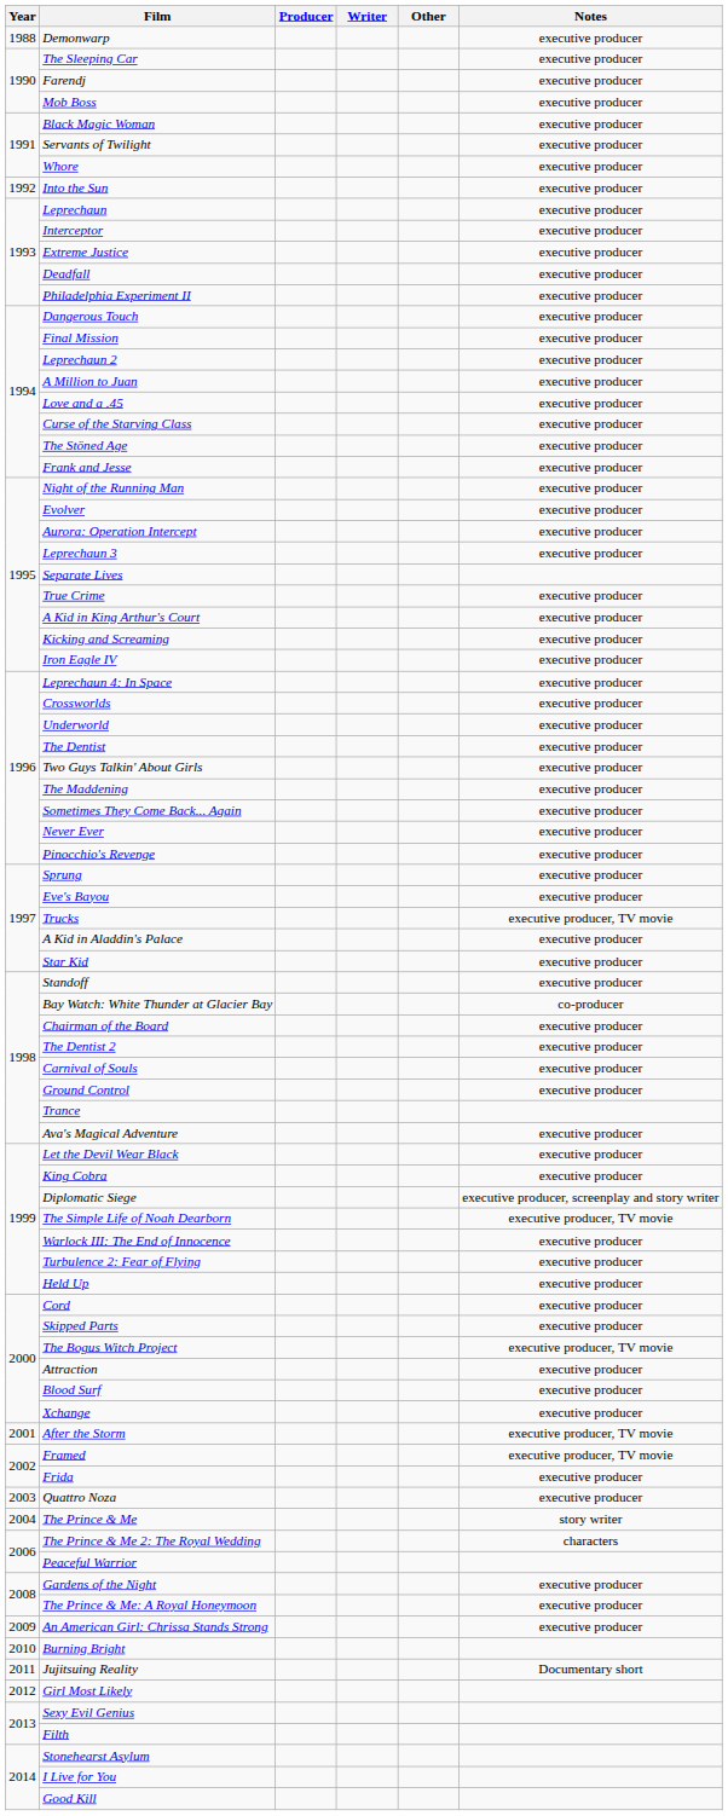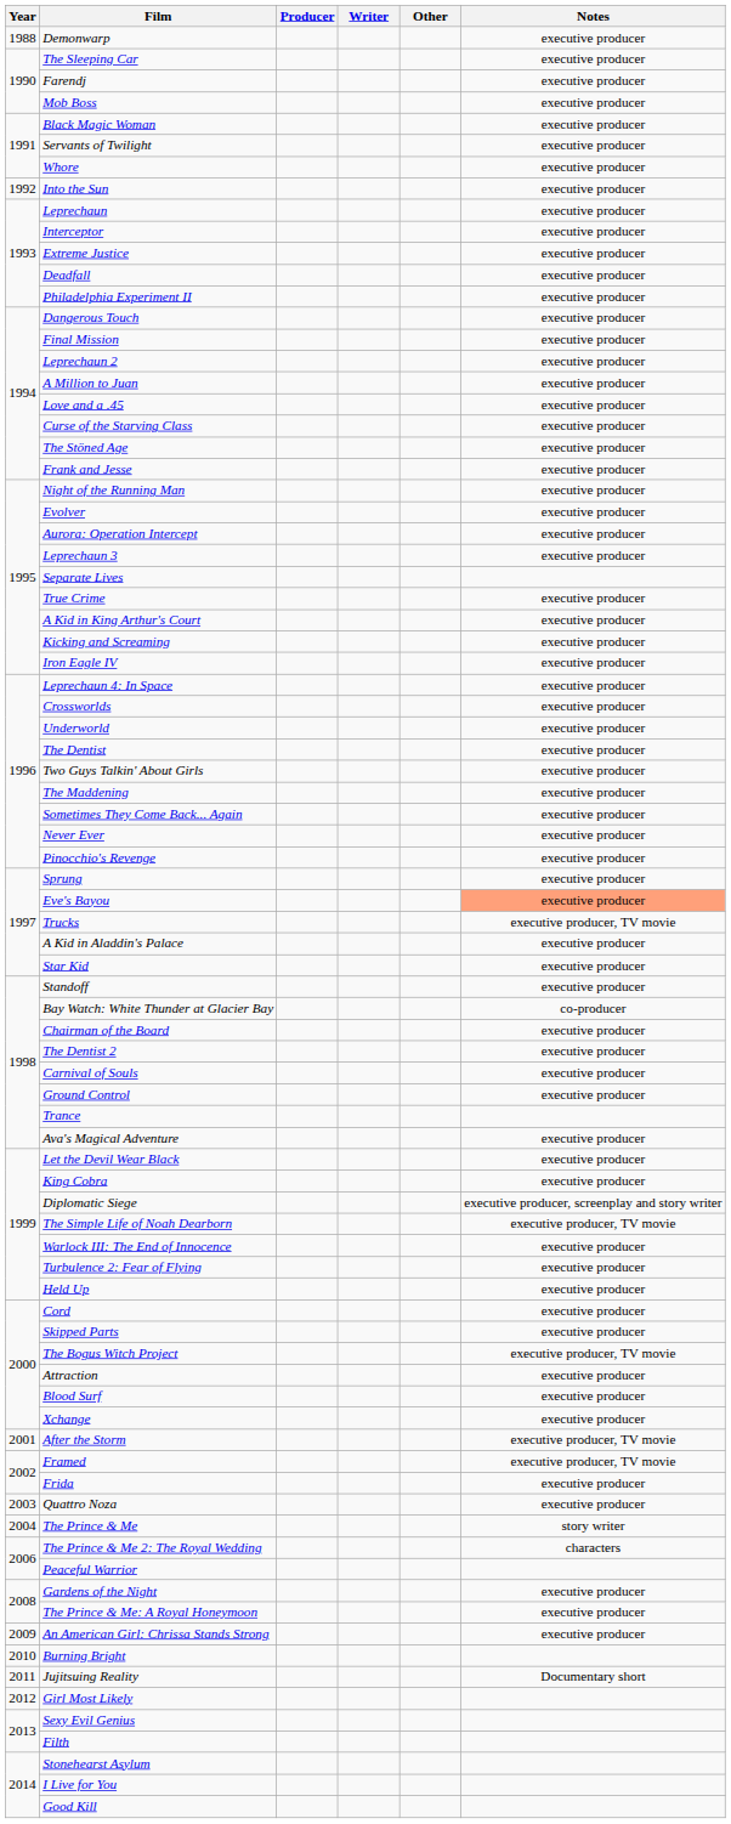 <table class="wikitable sortable" style="text-align:center">
 <tr>
 <th style="width:33px;">Year</th>
 <th>Film</th>
 <th style="width:65px;"><a href='#'>Producer</a></th>
 <th width=65><a href='#'>Writer</a></th>
 <th width=65>Other</th>
 <th>Notes</th>
 </tr>
 <tr>
 <td>1988</td>
 <td style="text-align:left"><em>Demonwarp</em></td>
 <td></td>
 <td></td>
 <td></td>
 <td>executive producer</td>
 </tr>
 <tr>
 <td rowspan="3">1990</td>
 <td style="text-align:left"><em><a href='#'>The Sleeping Car</a></em></td>
 <td></td>
 <td></td>
 <td></td>
 <td>executive producer</td>
 </tr>
 <tr>
 <td style="text-align:left"><em>Farendj</em></td>
 <td></td>
 <td></td>
 <td></td>
 <td>executive producer</td>
 </tr>
 <tr>
 <td style="text-align:left"><em><a href='#'>Mob Boss</a></em></td>
 <td></td>
 <td></td>
 <td></td>
 <td>executive producer</td>
 </tr>
 <tr>
 <td rowspan="3">1991</td>
 <td style="text-align:left"><em><a href='#'>Black Magic Woman</a></em></td>
 <td></td>
 <td></td>
 <td></td>
 <td>executive producer</td>
 </tr>
 <tr>
 <td style="text-align:left"><em>Servants of Twilight</em></td>
 <td></td>
 <td></td>
 <td></td>
 <td>executive producer</td>
 </tr>
 <tr>
 <td style="text-align:left"><em><a href='#'>Whore</a></em></td>
 <td></td>
 <td></td>
 <td></td>
 <td>executive producer</td>
 </tr>
 <tr>
 <td>1992</td>
 <td style="text-align:left"><em><a href='#'>Into the Sun</a></em></td>
 <td></td>
 <td></td>
 <td></td>
 <td>executive producer</td>
 </tr>
 <tr>
 <td rowspan="5">1993</td>
 <td style="text-align:left"><em><a href='#'>Leprechaun</a></em></td>
 <td></td>
 <td></td>
 <td></td>
 <td>executive producer</td>
 </tr>
 <tr>
 <td style="text-align:left"><em><a href='#'>Interceptor</a></em></td>
 <td></td>
 <td></td>
 <td></td>
 <td>executive producer</td>
 </tr>
 <tr>
 <td style="text-align:left"><em><a href='#'>Extreme Justice</a></em></td>
 <td></td>
 <td></td>
 <td></td>
 <td>executive producer</td>
 </tr>
 <tr>
 <td style="text-align:left"><em><a href='#'>Deadfall</a></em></td>
 <td></td>
 <td></td>
 <td></td>
 <td>executive producer</td>
 </tr>
 <tr>
 <td style="text-align:left"><em><a href='#'>Philadelphia Experiment II</a></em></td>
 <td></td>
 <td></td>
 <td></td>
 <td>executive producer</td>
 </tr>
 <tr>
 <td rowspan="8">1994</td>
 <td style="text-align:left"><em><a href='#'>Dangerous Touch</a></em></td>
 <td></td>
 <td></td>
 <td></td>
 <td>executive producer</td>
 </tr>
 <tr>
 <td style="text-align:left"><em><a href='#'>Final Mission</a></em></td>
 <td></td>
 <td></td>
 <td></td>
 <td>executive producer</td>
 </tr>
 <tr>
 <td style="text-align:left"><em><a href='#'>Leprechaun 2</a></em></td>
 <td></td>
 <td></td>
 <td></td>
 <td>executive producer</td>
 </tr>
 <tr>
 <td style="text-align:left"><em><a href='#'>A Million to Juan</a></em></td>
 <td></td>
 <td></td>
 <td></td>
 <td>executive producer</td>
 </tr>
 <tr>
 <td style="text-align:left"><em><a href='#'>Love and a .45</a></em></td>
 <td></td>
 <td></td>
 <td></td>
 <td>executive producer</td>
 </tr>
 <tr>
 <td style="text-align:left"><em><a href='#'>Curse of the Starving Class</a></em></td>
 <td></td>
 <td></td>
 <td></td>
 <td>executive producer</td>
 </tr>
 <tr>
 <td style="text-align:left"><em><a href='#'>The Stöned Age</a></em></td>
 <td></td>
 <td></td>
 <td></td>
 <td>executive producer</td>
 </tr>
 <tr>
 <td style="text-align:left"><em><a href='#'>Frank and Jesse</a></em></td>
 <td></td>
 <td></td>
 <td></td>
 <td>executive producer</td>
 </tr>
 <tr>
 <td rowspan="9">1995</td>
 <td style="text-align:left"><em><a href='#'>Night of the Running Man</a></em></td>
 <td></td>
 <td></td>
 <td></td>
 <td>executive producer</td>
 </tr>
 <tr>
 <td style="text-align:left"><em><a href='#'>Evolver</a></em></td>
 <td></td>
 <td></td>
 <td></td>
 <td>executive producer</td>
 </tr>
 <tr>
 <td style="text-align:left"><em><a href='#'>Aurora: Operation Intercept</a></em></td>
 <td></td>
 <td></td>
 <td></td>
 <td>executive producer</td>
 </tr>
 <tr>
 <td style="text-align:left"><em><a href='#'>Leprechaun 3</a></em></td>
 <td></td>
 <td></td>
 <td></td>
 <td>executive producer</td>
 </tr>
 <tr>
 <td style="text-align:left"><em><a href='#'>Separate Lives</a></em></td>
 <td></td>
 <td></td>
 <td></td>
 <td></td>
 </tr>
 <tr>
 <td style="text-align:left"><em><a href='#'>True Crime</a></em></td>
 <td></td>
 <td></td>
 <td></td>
 <td>executive producer</td>
 </tr>
 <tr>
 <td style="text-align:left"><em><a href='#'>A Kid in King Arthur's Court</a></em></td>
 <td></td>
 <td></td>
 <td></td>
 <td>executive producer</td>
 </tr>
 <tr>
 <td style="text-align:left"><em><a href='#'>Kicking and Screaming</a></em></td>
 <td></td>
 <td></td>
 <td></td>
 <td>executive producer</td>
 </tr>
 <tr>
 <td style="text-align:left"><em><a href='#'>Iron Eagle IV</a></em></td>
 <td></td>
 <td></td>
 <td></td>
 <td>executive producer</td>
 </tr>
 <tr>
 <td rowspan="9">1996</td>
 <td style="text-align:left"><em><a href='#'>Leprechaun 4: In Space</a></em></td>
 <td></td>
 <td></td>
 <td></td>
 <td>executive producer</td>
 </tr>
 <tr>
 <td style="text-align:left"><em><a href='#'>Crossworlds</a></em></td>
 <td></td>
 <td></td>
 <td></td>
 <td>executive producer</td>
 </tr>
 <tr>
 <td style="text-align:left"><em><a href='#'>Underworld</a></em></td>
 <td></td>
 <td></td>
 <td></td>
 <td>executive producer</td>
 </tr>
 <tr>
 <td style="text-align:left"><em><a href='#'>The Dentist</a></em></td>
 <td></td>
 <td></td>
 <td></td>
 <td>executive producer</td>
 </tr>
 <tr>
 <td style="text-align:left"><em>Two Guys Talkin' About Girls</em></td>
 <td></td>
 <td></td>
 <td></td>
 <td>executive producer</td>
 </tr>
 <tr>
 <td style="text-align:left"><em><a href='#'>The Maddening</a></em></td>
 <td></td>
 <td></td>
 <td></td>
 <td>executive producer</td>
 </tr>
 <tr>
 <td style="text-align:left"><em><a href='#'>Sometimes They Come Back... Again</a></em></td>
 <td></td>
 <td></td>
 <td></td>
 <td>executive producer</td>
 </tr>
 <tr>
 <td style="text-align:left"><em><a href='#'>Never Ever</a></em></td>
 <td></td>
 <td></td>
 <td></td>
 <td>executive producer</td>
 </tr>
 <tr>
 <td style="text-align:left"><em><a href='#'>Pinocchio's Revenge</a></em></td>
 <td></td>
 <td></td>
 <td></td>
 <td>executive producer</td>
 </tr>
 <tr>
 <td rowspan="5">1997</td>
 <td style="text-align:left"><em><a href='#'>Sprung</a></em></td>
 <td></td>
 <td></td>
 <td></td>
 <td>executive producer</td>
 </tr>
 <tr>
 <td style="text-align:left"><em><a href='#'>Eve's Bayou</a></em></td>
 <td></td>
 <td></td>
 <td></td>
-<td>executive producer</td>
+<td style="background: lightsalmon;">executive producer</td>
 </tr>
 <tr>
 <td style="text-align:left"><em><a href='#'>Trucks</a></em></td>
 <td></td>
 <td></td>
 <td></td>
 <td>executive producer, TV movie</td>
 </tr>
 <tr>
 <td style="text-align:left"><em>A Kid in Aladdin's Palace</em></td>
 <td></td>
 <td></td>
 <td></td>
 <td>executive producer</td>
 </tr>
 <tr>
 <td style="text-align:left"><em><a href='#'>Star Kid</a></em></td>
 <td></td>
 <td></td>
 <td></td>
 <td>executive producer</td>
 </tr>
 <tr>
 <td rowspan="8">1998</td>
 <td style="text-align:left"><em>Standoff</em></td>
 <td></td>
 <td></td>
 <td></td>
 <td>executive producer</td>
 </tr>
 <tr>
 <td style="text-align:left"><em>Bay Watch: White Thunder at Glacier Bay</em></td>
 <td></td>
 <td></td>
 <td></td>
 <td>co-producer</td>
 </tr>
 <tr>
 <td style="text-align:left"><em><a href='#'>Chairman of the Board</a></em></td>
 <td></td>
 <td></td>
 <td></td>
 <td>executive producer</td>
 </tr>
 <tr>
 <td style="text-align:left"><em><a href='#'>The Dentist 2</a></em></td>
 <td></td>
 <td></td>
 <td></td>
 <td>executive producer</td>
 </tr>
 <tr>
 <td style="text-align:left"><em><a href='#'>Carnival of Souls</a></em></td>
 <td></td>
 <td></td>
 <td></td>
 <td>executive producer</td>
 </tr>
 <tr>
 <td style="text-align:left"><em><a href='#'>Ground Control</a></em></td>
 <td></td>
 <td></td>
 <td></td>
 <td>executive producer</td>
 </tr>
 <tr>
 <td style="text-align:left"><em><a href='#'>Trance</a></em></td>
 <td></td>
 <td></td>
 <td></td>
 <td></td>
 </tr>
 <tr>
 <td style="text-align:left"><em>Ava's Magical Adventure</em></td>
 <td></td>
 <td></td>
 <td></td>
 <td>executive producer</td>
 </tr>
 <tr>
 <td rowspan="7">1999</td>
 <td style="text-align:left"><em><a href='#'>Let the Devil Wear Black</a></em></td>
 <td></td>
 <td></td>
 <td></td>
 <td>executive producer</td>
 </tr>
 <tr>
 <td style="text-align:left"><em><a href='#'>King Cobra</a></em></td>
 <td></td>
 <td></td>
 <td></td>
 <td>executive producer</td>
 </tr>
 <tr>
 <td style="text-align:left"><em>Diplomatic Siege</em></td>
 <td></td>
 <td></td>
 <td></td>
 <td>executive producer, screenplay and story writer</td>
 </tr>
 <tr>
 <td style="text-align:left"><em><a href='#'>The Simple Life of Noah Dearborn</a></em></td>
 <td></td>
 <td></td>
 <td></td>
 <td>executive producer, TV movie</td>
 </tr>
 <tr>
 <td style="text-align:left"><em><a href='#'>Warlock III: The End of Innocence</a></em></td>
 <td></td>
 <td></td>
 <td></td>
 <td>executive producer</td>
 </tr>
 <tr>
 <td style="text-align:left"><em><a href='#'>Turbulence 2: Fear of Flying</a></em></td>
 <td></td>
 <td></td>
 <td></td>
 <td>executive producer</td>
 </tr>
 <tr>
 <td style="text-align:left"><em><a href='#'>Held Up</a></em></td>
 <td></td>
 <td></td>
 <td></td>
 <td>executive producer</td>
 </tr>
 <tr>
 <td rowspan="6">2000</td>
 <td style="text-align:left"><em><a href='#'>Cord</a></em></td>
 <td></td>
 <td></td>
 <td></td>
 <td>executive producer</td>
 </tr>
 <tr>
 <td style="text-align:left"><em><a href='#'>Skipped Parts</a></em></td>
 <td></td>
 <td></td>
 <td></td>
 <td>executive producer</td>
 </tr>
 <tr>
 <td style="text-align:left"><em><a href='#'>The Bogus Witch Project</a></em></td>
 <td></td>
 <td></td>
 <td></td>
 <td>executive producer, TV movie</td>
 </tr>
 <tr>
 <td style="text-align:left"><em>Attraction</em></td>
 <td></td>
 <td></td>
 <td></td>
 <td>executive producer</td>
 </tr>
 <tr>
 <td style="text-align:left"><em><a href='#'>Blood Surf</a></em></td>
 <td></td>
 <td></td>
 <td></td>
 <td>executive producer</td>
 </tr>
 <tr>
 <td style="text-align:left"><em><a href='#'>Xchange</a></em></td>
 <td></td>
 <td></td>
 <td></td>
 <td>executive producer</td>
 </tr>
 <tr>
 <td>2001</td>
 <td style="text-align:left"><em><a href='#'>After the Storm</a></em></td>
 <td></td>
 <td></td>
 <td></td>
 <td>executive producer, TV movie</td>
 </tr>
 <tr>
 <td rowspan="2">2002</td>
 <td style="text-align:left"><em><a href='#'>Framed</a></em></td>
 <td></td>
 <td></td>
 <td></td>
 <td>executive producer, TV movie</td>
 </tr>
 <tr>
 <td style="text-align:left"><em><a href='#'>Frida</a></em></td>
 <td></td>
 <td></td>
 <td></td>
 <td>executive producer</td>
 </tr>
 <tr>
 <td>2003</td>
 <td style="text-align:left"><em>Quattro Noza</em></td>
 <td></td>
 <td></td>
 <td></td>
 <td>executive producer</td>
 </tr>
 <tr>
 <td>2004</td>
 <td style="text-align:left"><em><a href='#'>The Prince & Me</a></em></td>
 <td></td>
 <td></td>
 <td></td>
 <td>story writer</td>
 </tr>
 <tr>
 <td rowspan="2">2006</td>
 <td style="text-align:left"><em><a href='#'>The Prince & Me 2: The Royal Wedding</a></em></td>
 <td></td>
 <td></td>
 <td></td>
 <td>characters</td>
 </tr>
 <tr>
 <td style="text-align:left"><em><a href='#'>Peaceful Warrior</a></em></td>
 <td></td>
 <td></td>
 <td></td>
 <td></td>
 </tr>
 <tr>
 <td rowspan="2">2008</td>
 <td style="text-align:left"><em><a href='#'>Gardens of the Night</a></em></td>
 <td></td>
 <td></td>
 <td></td>
 <td>executive producer</td>
 </tr>
 <tr>
 <td style="text-align:left"><em><a href='#'>The Prince & Me: A Royal Honeymoon</a></em></td>
 <td></td>
 <td></td>
 <td></td>
 <td>executive producer</td>
 </tr>
 <tr>
 <td>2009</td>
 <td style="text-align:left"><em><a href='#'>An American Girl: Chrissa Stands Strong</a></em></td>
 <td></td>
 <td></td>
 <td></td>
 <td>executive producer</td>
 </tr>
 <tr>
 <td>2010</td>
 <td style="text-align:left"><em><a href='#'>Burning Bright</a></em></td>
 <td></td>
 <td></td>
 <td></td>
 <td></td>
 </tr>
 <tr>
 <td>2011</td>
 <td style="text-align:left"><em>Jujitsuing Reality</em></td>
 <td></td>
 <td></td>
 <td></td>
 <td>Documentary short</td>
 </tr>
 <tr>
 <td>2012</td>
 <td style="text-align:left"><em><a href='#'>Girl Most Likely</a></em></td>
 <td></td>
 <td></td>
 <td></td>
 <td></td>
 </tr>
 <tr>
 <td rowspan="2">2013</td>
 <td style="text-align:left"><em><a href='#'>Sexy Evil Genius</a></em></td>
 <td></td>
 <td></td>
 <td></td>
 <td></td>
 </tr>
 <tr>
 <td style="text-align:left"><em><a href='#'>Filth</a></em></td>
 <td></td>
 <td></td>
 <td></td>
 <td></td>
 </tr>
 <tr>
 <td rowspan="3">2014</td>
 <td style="text-align:left"><em><a href='#'>Stonehearst Asylum</a></em></td>
 <td></td>
 <td></td>
 <td></td>
 <td></td>
 </tr>
 <tr>
 <td style="text-align:left"><em><a href='#'>I Live for You</a></em></td>
 <td></td>
 <td></td>
 <td></td>
 <td></td>
 </tr>
 <tr>
 <td style="text-align:left"><em><a href='#'>Good Kill</a></em></td>
 <td></td>
 <td></td>
 <td></td>
 <td></td>
 </tr>
 </table>
